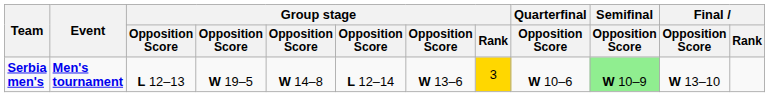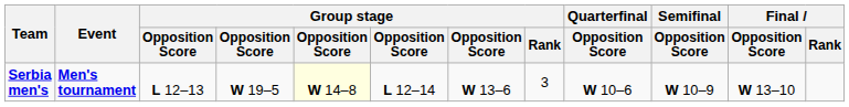 <table class="wikitable" style="font-size:90%">
 <tr>
 <th rowspan=2>Team</th>
 <th rowspan=2>Event</th>
 <th colspan=6>Group stage</th>
 <th>Quarterfinal</th>
 <th>Semifinal</th>
 <th colspan=2>Final / </th>
 </tr>
 <tr style="font-size:95%">
 <th>Opposition<br>Score</th>
 <th>Opposition<br>Score</th>
 <th>Opposition<br>Score</th>
 <th>Opposition<br>Score</th>
 <th>Opposition<br>Score</th>
 <th>Rank</th>
 <th>Opposition<br>Score</th>
 <th>Opposition<br>Score</th>
 <th>Opposition<br>Score</th>
 <th>Rank</th>
 </tr>
 <tr align=center>
 <td align=left><strong><a href='#'>Serbia men's</a></strong></td>
 <td align=left><strong><a href='#'>Men's tournament</a></strong></td>
 <td><br> <strong>L</strong> 12–13</td>
 <td><br> <strong>W</strong> 19–5</td>
-<td><br> <strong>W</strong> 14–8</td>
+<td style="background: lightyellow;"><br> <strong>W</strong> 14–8</td>
 <td><br> <strong>L</strong> 12–14</td>
 <td><br> <strong>W</strong> 13–6</td>
-<td style="background: gold;">3 <strong></strong></td>
+<td>3 <strong></strong></td>
 <td><br> <strong>W</strong> 10–6</td>
-<td style="background: lightgreen;"><br> <strong>W</strong> 10–9</td>
+<td><br> <strong>W</strong> 10–9</td>
 <td><br> <strong>W</strong> 13–10</td>
 <td></td>
 </tr>
 </table>
